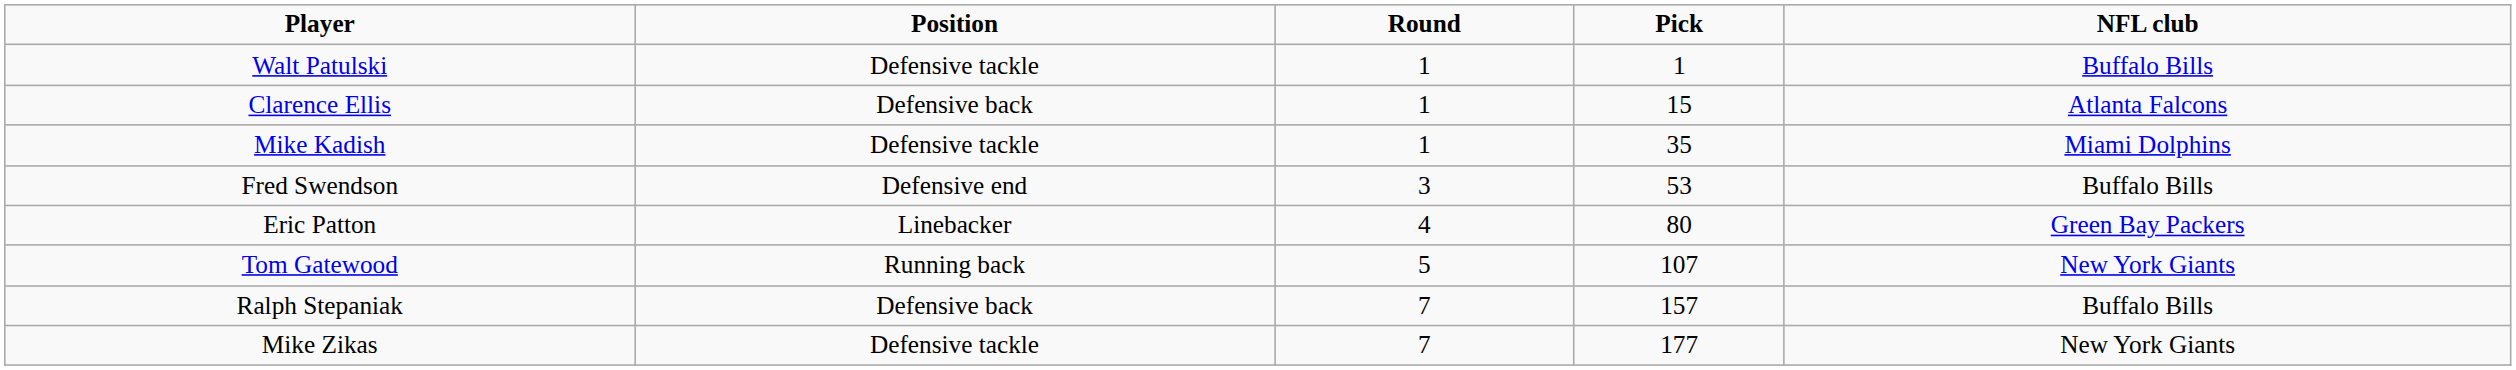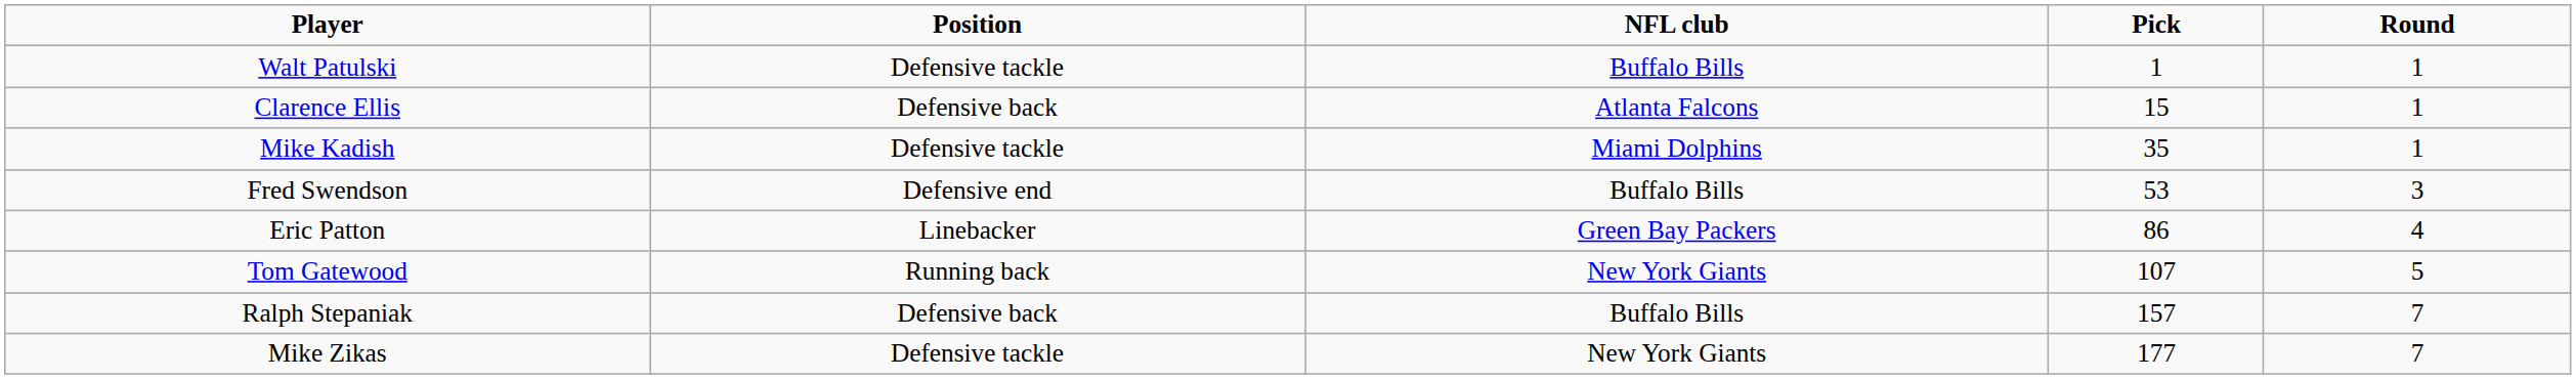 <table class="wikitable" width="80%">
 <tr align="center">
 <td><strong>Player</strong></td>
 <td><strong>Position</strong></td>
+<td><strong>NFL club</strong></td>
+<td><strong>Pick</strong></td>
 <td><strong>Round</strong></td>
-<td><strong>Pick</strong></td>
-<td><strong>NFL club</strong></td>
 </tr>
 <tr align="center" bgcolor="">
 <td><a href='#'>Walt Patulski</a></td>
 <td>Defensive tackle</td>
+<td><a href='#'>Buffalo Bills</a></td>
 <td>1</td>
 <td>1</td>
-<td><a href='#'>Buffalo Bills</a></td>
 </tr>
 <tr align="center" bgcolor="">
 <td><a href='#'>Clarence Ellis</a></td>
 <td>Defensive back</td>
+<td><a href='#'>Atlanta Falcons</a></td>
+<td>15</td>
 <td>1</td>
-<td>15</td>
-<td><a href='#'>Atlanta Falcons</a></td>
 </tr>
 <tr align="center" bgcolor="">
 <td><a href='#'>Mike Kadish</a></td>
 <td>Defensive tackle</td>
+<td><a href='#'>Miami Dolphins</a></td>
+<td>35</td>
 <td>1</td>
-<td>35</td>
-<td><a href='#'>Miami Dolphins</a></td>
 </tr>
 <tr align="center" bgcolor="">
 <td>Fred Swendson</td>
 <td>Defensive end</td>
+<td>Buffalo Bills</td>
+<td>53</td>
 <td>3</td>
-<td>53</td>
-<td>Buffalo Bills</td>
 </tr>
 <tr align="center" bgcolor="">
 <td>Eric Patton</td>
 <td>Linebacker</td>
+<td><a href='#'>Green Bay Packers</a></td>
+<td>86</td>
 <td>4</td>
-<td>80</td>
-<td><a href='#'>Green Bay Packers</a></td>
 </tr>
 <tr align="center" bgcolor="">
 <td><a href='#'>Tom Gatewood</a></td>
 <td>Running back</td>
+<td><a href='#'>New York Giants</a></td>
+<td>107</td>
 <td>5</td>
-<td>107</td>
-<td><a href='#'>New York Giants</a></td>
 </tr>
 <tr align="center" bgcolor="">
 <td>Ralph Stepaniak</td>
 <td>Defensive back</td>
+<td>Buffalo Bills</td>
+<td>157</td>
 <td>7</td>
-<td>157</td>
-<td>Buffalo Bills</td>
 </tr>
 <tr align="center" bgcolor="">
 <td>Mike Zikas</td>
 <td>Defensive tackle</td>
+<td>New York Giants</td>
+<td>177</td>
 <td>7</td>
-<td>177</td>
-<td>New York Giants</td>
 </tr>
 </table>
